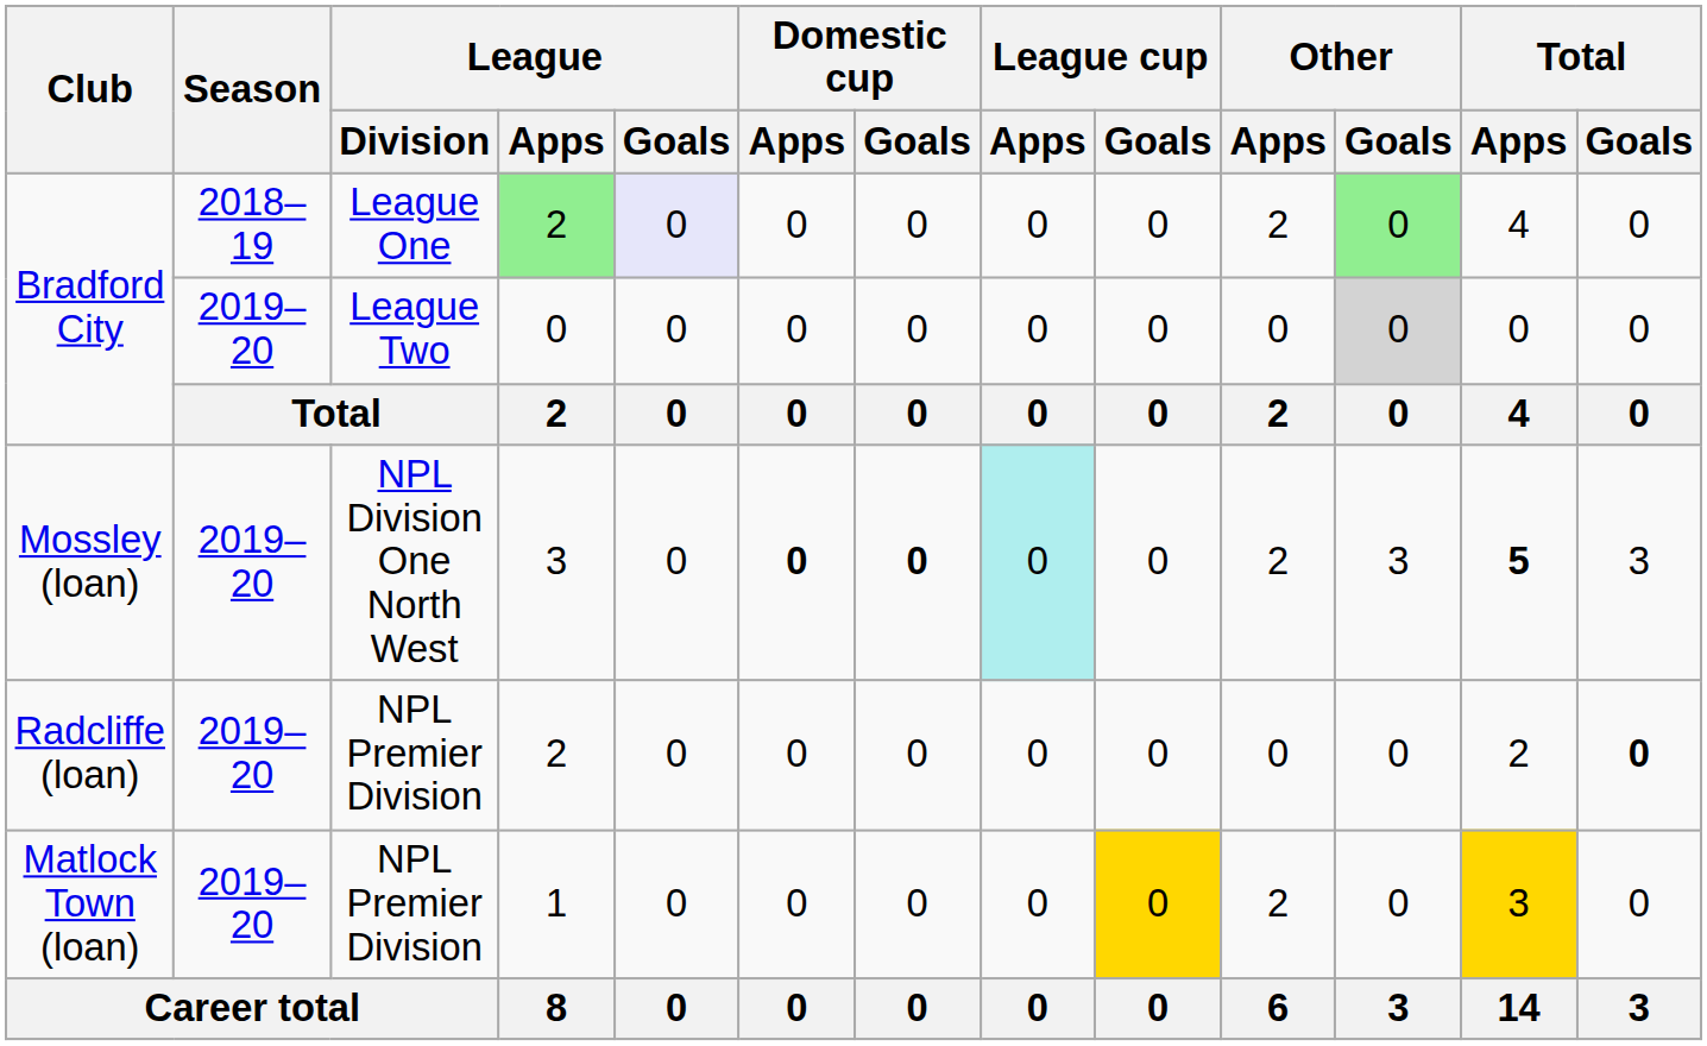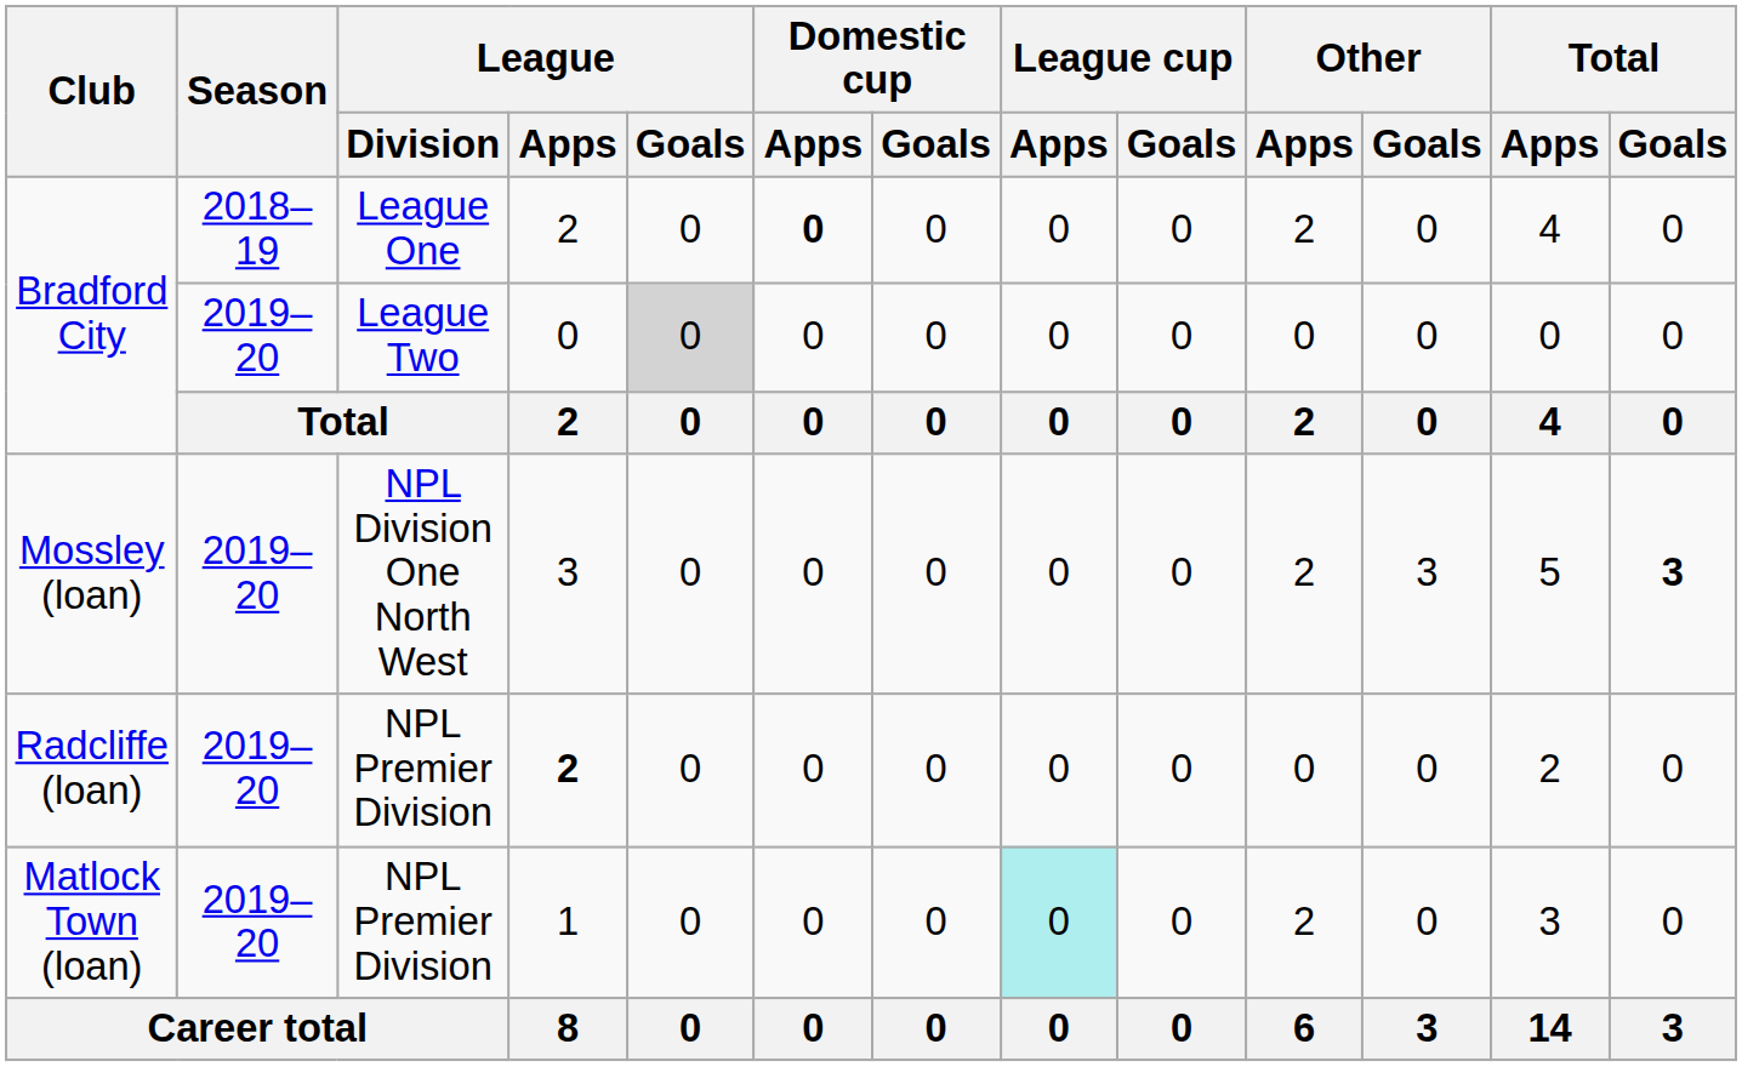 <table class=wikitable style="text-align: center">
 <tr>
 <th rowspan=2>Club</th>
 <th rowspan=2>Season</th>
 <th colspan=3>League</th>
 <th colspan=2>Domestic cup</th>
 <th colspan=2>League cup</th>
 <th colspan=2>Other</th>
 <th colspan=2>Total</th>
 </tr>
 <tr>
 <th>Division</th>
 <th>Apps</th>
 <th>Goals</th>
 <th>Apps</th>
 <th>Goals</th>
 <th>Apps</th>
 <th>Goals</th>
 <th>Apps</th>
 <th>Goals</th>
 <th>Apps</th>
 <th>Goals</th>
 </tr>
 <tr>
 <td rowspan=3><a href='#'>Bradford City</a></td>
 <td><a href='#'>2018–19</a></td>
 <td><a href='#'>League One</a></td>
-<td style="background: lightgreen;">2</td>
-<td style="background: lavender;">0</td>
+<td>2</td>
 <td>0</td>
+<td><strong>0</strong></td>
 <td>0</td>
 <td>0</td>
 <td>0</td>
 <td>2</td>
-<td style="background: lightgreen;">0</td>
+<td>0</td>
 <td>4</td>
 <td>0</td>
 </tr>
 <tr>
 <td><a href='#'>2019–20</a></td>
 <td><a href='#'>League Two</a></td>
 <td>0</td>
+<td style="background: lightgrey;">0</td>
 <td>0</td>
 <td>0</td>
 <td>0</td>
 <td>0</td>
 <td>0</td>
 <td>0</td>
-<td style="background: lightgrey;">0</td>
 <td>0</td>
 <td>0</td>
 </tr>
 <tr>
 <th colspan=2>Total</th>
 <th>2</th>
 <th>0</th>
 <th>0</th>
 <th>0</th>
 <th>0</th>
 <th>0</th>
 <th>2</th>
 <th>0</th>
 <th>4</th>
 <th>0</th>
 </tr>
 <tr>
 <td><a href='#'>Mossley</a> (loan)</td>
 <td><a href='#'>2019–20</a></td>
 <td><a href='#'>NPL</a> Division One North West</td>
 <td>3</td>
 <td>0</td>
-<td><strong>0</strong></td>
-<td><strong>0</strong></td>
-<td style="background: paleturquoise;">0</td>
+<td>0</td>
+<td>0</td>
+<td>0</td>
 <td>0</td>
 <td>2</td>
 <td>3</td>
-<td><strong>5</strong></td>
-<td>3</td>
+<td>5</td>
+<td><strong>3</strong></td>
 </tr>
 <tr>
 <td><a href='#'>Radcliffe</a> (loan)</td>
 <td><a href='#'>2019–20</a></td>
 <td>NPL Premier Division</td>
-<td>2</td>
+<td><strong>2</strong></td>
 <td>0</td>
 <td>0</td>
 <td>0</td>
 <td>0</td>
 <td>0</td>
 <td>0</td>
 <td>0</td>
 <td>2</td>
-<td><strong>0</strong></td>
+<td>0</td>
 </tr>
 <tr>
 <td><a href='#'>Matlock Town</a> (loan)</td>
 <td><a href='#'>2019–20</a></td>
 <td>NPL Premier Division</td>
 <td>1</td>
 <td>0</td>
 <td>0</td>
 <td>0</td>
+<td style="background: paleturquoise;">0</td>
 <td>0</td>
-<td style="background: gold;">0</td>
 <td>2</td>
 <td>0</td>
-<td style="background: gold;">3</td>
+<td>3</td>
 <td>0</td>
 </tr>
 <tr>
 <th colspan=3>Career total</th>
 <th>8</th>
 <th>0</th>
 <th>0</th>
 <th>0</th>
 <th>0</th>
 <th>0</th>
 <th>6</th>
 <th>3</th>
 <th>14</th>
 <th>3</th>
 </tr>
 </table>
